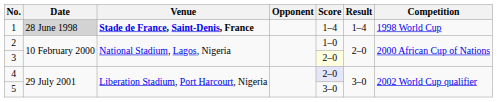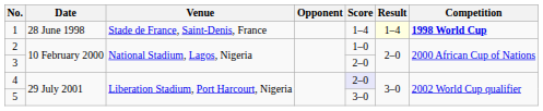 <table class="wikitable sortable">
 <tr>
 <th scope="col">No.</th>
 <th scope="col">Date</th>
 <th scope="col">Venue</th>
 <th scope="col">Opponent</th>
 <th scope="col">Score</th>
 <th scope="col">Result</th>
 <th scope="col">Competition</th>
 </tr>
 <tr>
 <td align="center">1</td>
-<td style="background: lightgrey;">28 June 1998</td>
-<td><strong><a href='#'>Stade de France</a>, <a href='#'>Saint-Denis</a>, France</strong></td>
+<td>28 June 1998</td>
+<td><a href='#'>Stade de France</a>, <a href='#'>Saint-Denis</a>, France</td>
 <td></td>
 <td align="center">1–4</td>
-<td align="center">1–4</td>
-<td><a href='#'>1998 World Cup</a></td>
+<td align="center" style="background: lightyellow;">1–4</td>
+<td><strong><a href='#'>1998 World Cup</a></strong></td>
 </tr>
 <tr>
 <td align="center">2</td>
 <td rowspan="2">10 February 2000</td>
 <td rowspan="2"><a href='#'>National Stadium</a>, <a href='#'>Lagos</a>, Nigeria</td>
 <td rowspan="2"></td>
 <td align="center">1–0</td>
 <td rowspan="2" align="center">2–0</td>
 <td rowspan="2"><a href='#'>2000 African Cup of Nations</a></td>
 </tr>
 <tr>
 <td align="center">3</td>
-<td align="center" style="background: lightyellow;">2–0</td>
+<td align="center">2–0</td>
 </tr>
 <tr>
 <td align="center">4</td>
 <td rowspan="2">29 July 2001</td>
 <td rowspan="2"><a href='#'>Liberation Stadium</a>, <a href='#'>Port Harcourt</a>, Nigeria</td>
 <td rowspan="2"></td>
 <td align="center" style="background: lavender;">2–0</td>
 <td rowspan="2" align="center">3–0</td>
 <td rowspan="2"><a href='#'>2002 World Cup qualifier</a></td>
 </tr>
 <tr>
 <td align="center">5</td>
 <td align="center">3–0</td>
 </tr>
 </table>
